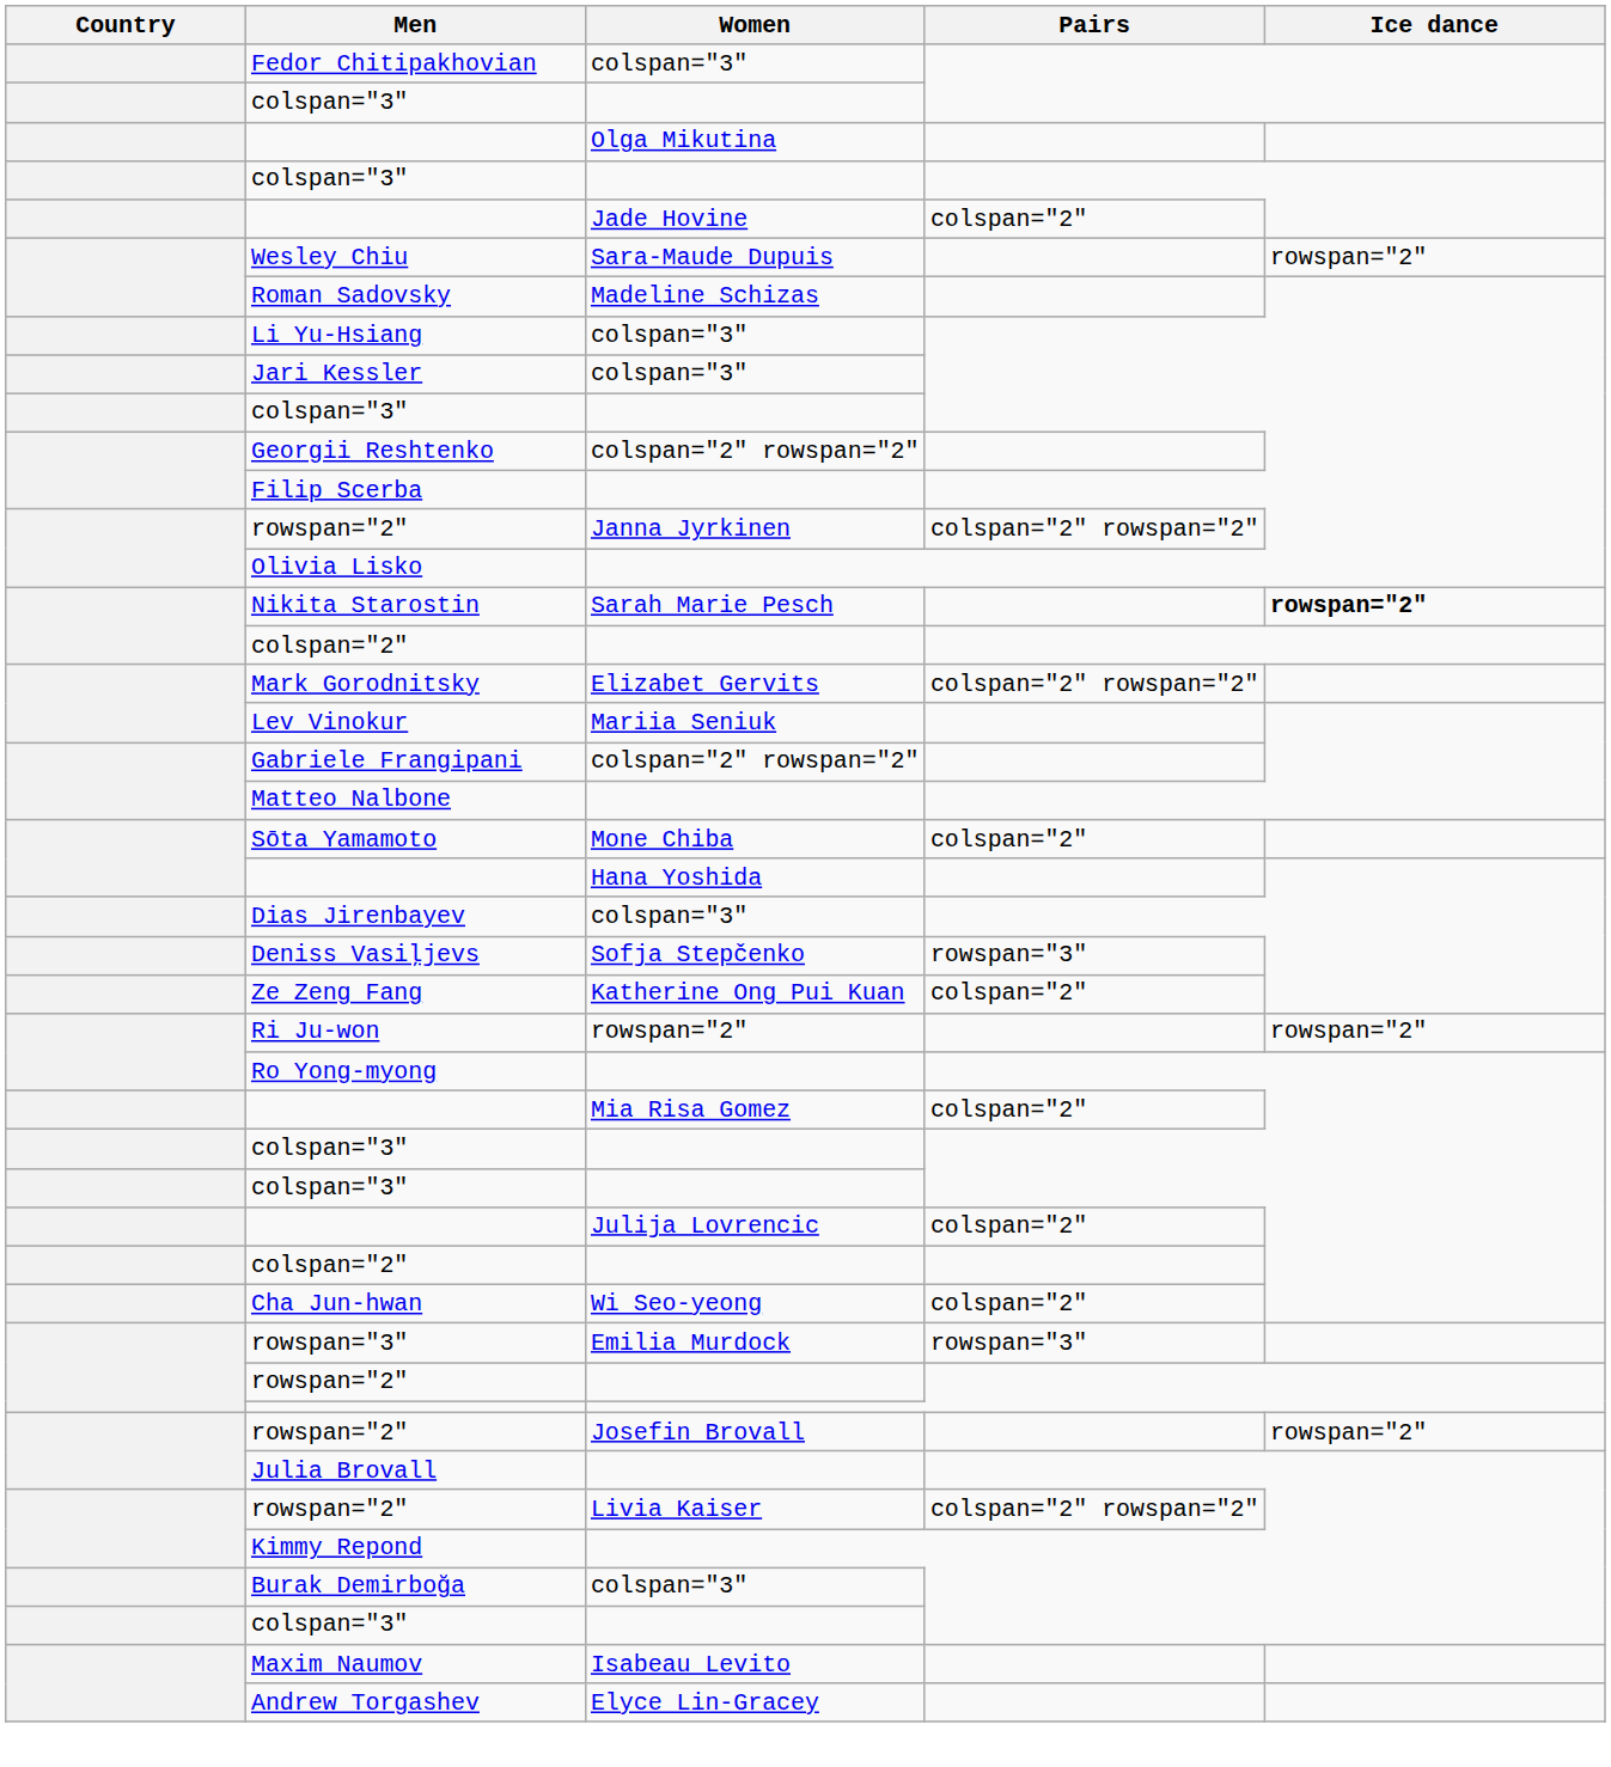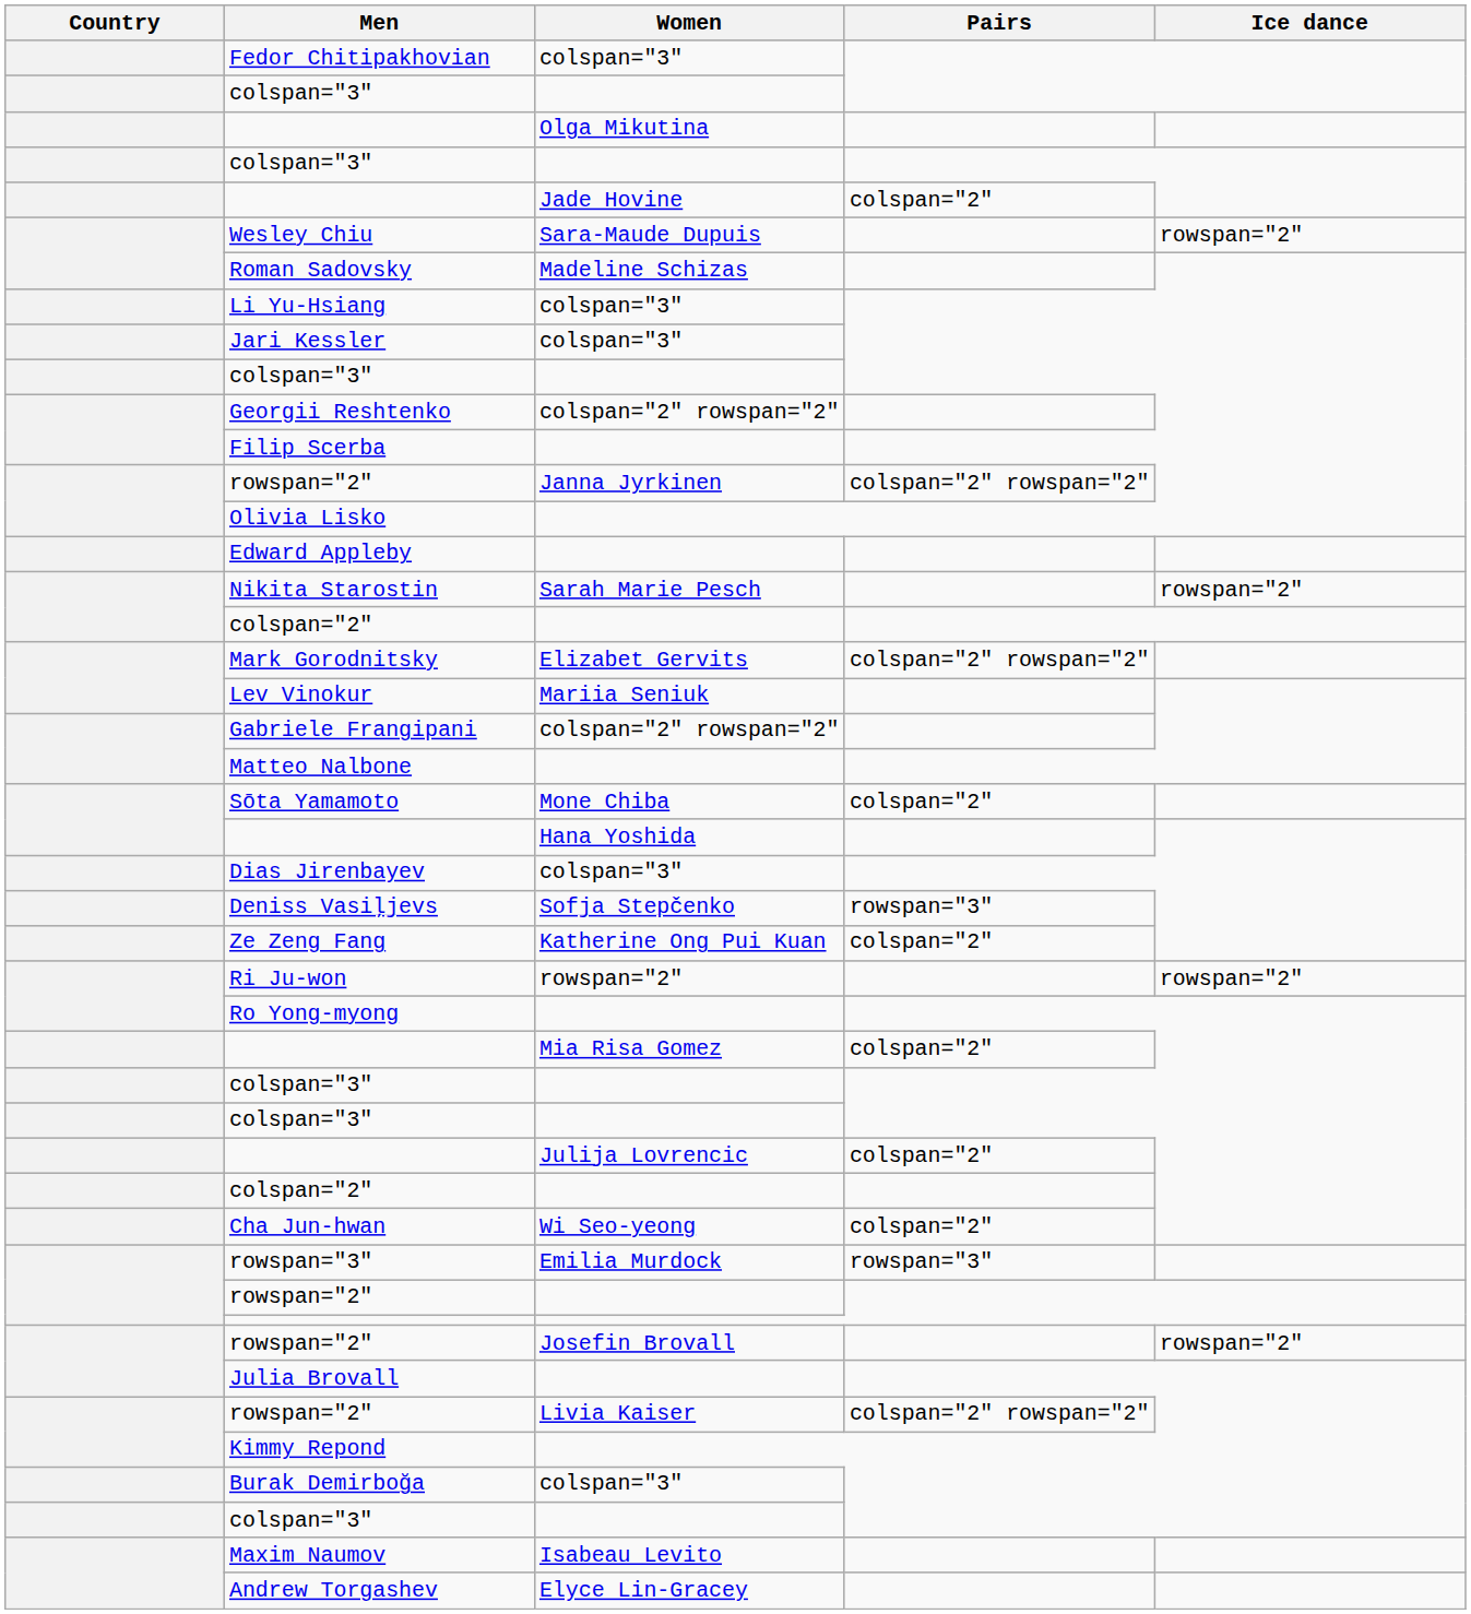 <table class="wikitable unsortable" style="text-align:left">
 <tr>
 <th scope="col" style="width:15%">Country</th>
 <th scope="col" style="width:21.25%">Men</th>
 <th scope="col" style="width:21.25%">Women</th>
 <th scope="col" style="width:21.25%">Pairs</th>
 <th scope="col" style="width:21.25%">Ice dance</th>
 </tr>
 <tr>
 <th scope="row" style="text-align:left"></th>
 <td><a href='#'>Fedor Chitipakhovian</a></td>
 <td>colspan="3" </td>
 </tr>
 <tr>
 <th scope="row" style="text-align:left"></th>
 <td>colspan="3" </td>
 <td></td>
 </tr>
 <tr>
 <th scope="row" style="text-align:left"></th>
 <td></td>
 <td><a href='#'>Olga Mikutina</a></td>
 <td></td>
 <td></td>
 </tr>
 <tr>
 <th scope="row" style="text-align:left"></th>
 <td>colspan="3" </td>
 <td></td>
 </tr>
 <tr>
 <th scope="row" style="text-align:left"></th>
 <td></td>
 <td><a href='#'>Jade Hovine</a></td>
 <td>colspan="2" </td>
 </tr>
 <tr>
 <th rowspan="2" scope="row" style="text-align:left"></th>
 <td><a href='#'>Wesley Chiu</a></td>
 <td><a href='#'>Sara-Maude Dupuis</a></td>
 <td></td>
 <td>rowspan="2" </td>
 </tr>
 <tr>
 <td><a href='#'>Roman Sadovsky</a></td>
 <td><a href='#'>Madeline Schizas</a></td>
 <td></td>
 </tr>
 <tr>
 <th scope="row" style="text-align:left"></th>
 <td><a href='#'>Li Yu-Hsiang</a></td>
 <td>colspan="3" </td>
 </tr>
 <tr>
 <th scope="row" style="text-align:left"></th>
 <td><a href='#'>Jari Kessler</a></td>
 <td>colspan="3" </td>
 </tr>
 <tr>
 <th scope="row" style="text-align:left"></th>
 <td>colspan="3" </td>
 <td></td>
 </tr>
 <tr>
 <th rowspan="2" scope="row" style="text-align:left"></th>
 <td><a href='#'>Georgii Reshtenko</a></td>
 <td>colspan="2" rowspan="2" </td>
 <td></td>
 </tr>
 <tr>
 <td><a href='#'>Filip Scerba</a></td>
 <td></td>
 </tr>
 <tr>
 <th rowspan="2" scope="row" style="text-align:left"></th>
 <td>rowspan="2" </td>
 <td><a href='#'>Janna Jyrkinen</a></td>
 <td>colspan="2" rowspan="2" </td>
 </tr>
 <tr>
 <td><a href='#'>Olivia Lisko</a></td>
 </tr>
 <tr>
+<th scope="row" style="text-align:left"></th>
+<td><a href='#'>Edward Appleby</a></td>
+<td></td>
+<td></td>
+<td></td>
+</tr>
+<tr>
 <th rowspan="2" scope="row" style="text-align:left"></th>
 <td><a href='#'>Nikita Starostin</a></td>
 <td><a href='#'>Sarah Marie Pesch</a></td>
 <td></td>
-<td><strong>rowspan="2" </strong></td>
+<td>rowspan="2" </td>
 </tr>
 <tr>
 <td>colspan="2" </td>
 <td></td>
 </tr>
 <tr>
 <th rowspan="2" scope="row" style="text-align:left"></th>
 <td><a href='#'>Mark Gorodnitsky</a></td>
 <td><a href='#'>Elizabet Gervits</a></td>
 <td>colspan="2" rowspan="2" </td>
 <td></td>
 </tr>
 <tr>
 <td><a href='#'>Lev Vinokur</a></td>
 <td><a href='#'>Mariia Seniuk</a></td>
 <td></td>
 </tr>
 <tr>
 <th rowspan="2" scope="row" style="text-align:left"></th>
 <td><a href='#'>Gabriele Frangipani</a></td>
 <td>colspan="2" rowspan="2" </td>
 <td></td>
 </tr>
 <tr>
 <td><a href='#'>Matteo Nalbone</a></td>
 <td></td>
 </tr>
 <tr>
 <th rowspan="2" scope="row" style="text-align:left"></th>
 <td><a href='#'>Sōta Yamamoto</a></td>
 <td><a href='#'>Mone Chiba</a></td>
 <td>colspan="2" </td>
 <td></td>
 </tr>
 <tr>
 <td></td>
 <td><a href='#'>Hana Yoshida</a></td>
 <td></td>
 </tr>
 <tr>
 <th scope="row" style="text-align:left"></th>
 <td><a href='#'>Dias Jirenbayev</a></td>
 <td>colspan="3" </td>
 </tr>
 <tr>
 <th scope="row" style="text-align:left"></th>
 <td><a href='#'>Deniss Vasiļjevs</a></td>
 <td><a href='#'>Sofja Stepčenko</a></td>
 <td>rowspan="3" </td>
 </tr>
 <tr>
 <th scope="row" style="text-align:left"></th>
 <td><a href='#'>Ze Zeng Fang</a></td>
 <td><a href='#'>Katherine Ong Pui Kuan</a></td>
 <td>colspan="2" </td>
 </tr>
 <tr>
 <th rowspan="2" scope="row" style="text-align:left"></th>
 <td><a href='#'>Ri Ju-won</a></td>
 <td>rowspan="2" </td>
 <td></td>
 <td>rowspan="2" </td>
 </tr>
 <tr>
 <td><a href='#'>Ro Yong-myong</a></td>
 <td></td>
 </tr>
 <tr>
 <th scope="row" style="text-align:left"></th>
 <td></td>
 <td><a href='#'>Mia Risa Gomez</a></td>
 <td>colspan="2" </td>
 </tr>
 <tr>
 <th scope="row" style="text-align:left"></th>
 <td>colspan="3" </td>
 <td></td>
 </tr>
 <tr>
 <th scope="row" style="text-align:left"></th>
 <td>colspan="3" </td>
 <td></td>
 </tr>
 <tr>
 <th scope="row" style="text-align:left"></th>
 <td></td>
 <td><a href='#'>Julija Lovrencic</a></td>
 <td>colspan="2" </td>
 </tr>
 <tr>
 <th scope="row" style="text-align:left"></th>
 <td>colspan="2" </td>
 <td></td>
 <td></td>
 </tr>
 <tr>
 <th scope="row" style="text-align:left"></th>
 <td><a href='#'>Cha Jun-hwan</a></td>
 <td><a href='#'>Wi Seo-yeong</a></td>
 <td>colspan="2" </td>
 </tr>
 <tr>
 <th rowspan="3" scope="row" style="text-align:left"></th>
 <td>rowspan="3" </td>
 <td><a href='#'>Emilia Murdock</a></td>
 <td>rowspan="3" </td>
 <td></td>
 </tr>
 <tr>
 <td>rowspan="2" </td>
 <td></td>
 </tr>
 <tr>
 <td></td>
 </tr>
 <tr>
 <th rowspan="2" scope="row" style="text-align:left"></th>
 <td>rowspan="2" </td>
 <td><a href='#'>Josefin Brovall</a></td>
 <td></td>
 <td>rowspan="2" </td>
 </tr>
 <tr>
 <td><a href='#'>Julia Brovall</a></td>
 <td></td>
 </tr>
 <tr>
 <th rowspan="2" scope="row" style="text-align:left"></th>
 <td>rowspan="2" </td>
 <td><a href='#'>Livia Kaiser</a></td>
 <td>colspan="2" rowspan="2" </td>
 </tr>
 <tr>
 <td><a href='#'>Kimmy Repond</a></td>
 </tr>
 <tr>
 <th scope="row" style="text-align:left"></th>
 <td><a href='#'>Burak Demirboğa</a></td>
 <td>colspan="3" </td>
 </tr>
 <tr>
 <th scope="row" style="text-align:left"></th>
 <td>colspan="3" </td>
 <td></td>
 </tr>
 <tr>
 <th rowspan="2" scope="row" style="text-align:left"></th>
 <td><a href='#'>Maxim Naumov</a></td>
 <td><a href='#'>Isabeau Levito</a></td>
 <td></td>
 <td></td>
 </tr>
 <tr>
 <td><a href='#'>Andrew Torgashev</a></td>
 <td><a href='#'>Elyce Lin-Gracey</a></td>
 <td></td>
 <td></td>
 </tr>
 </table>
